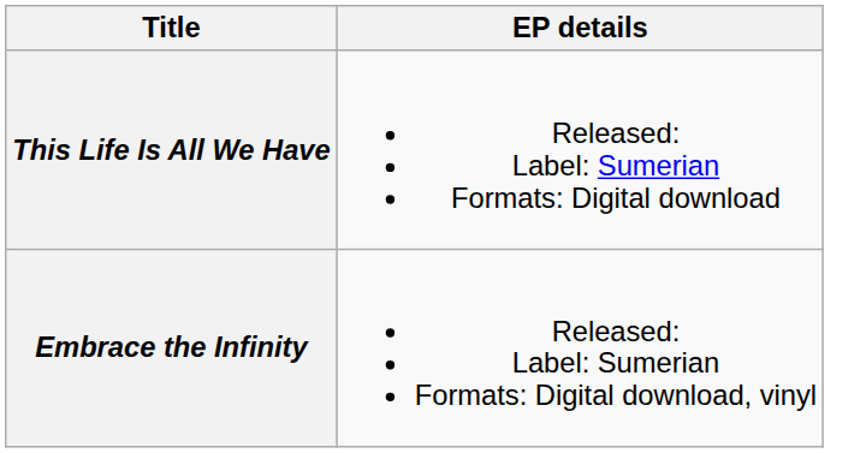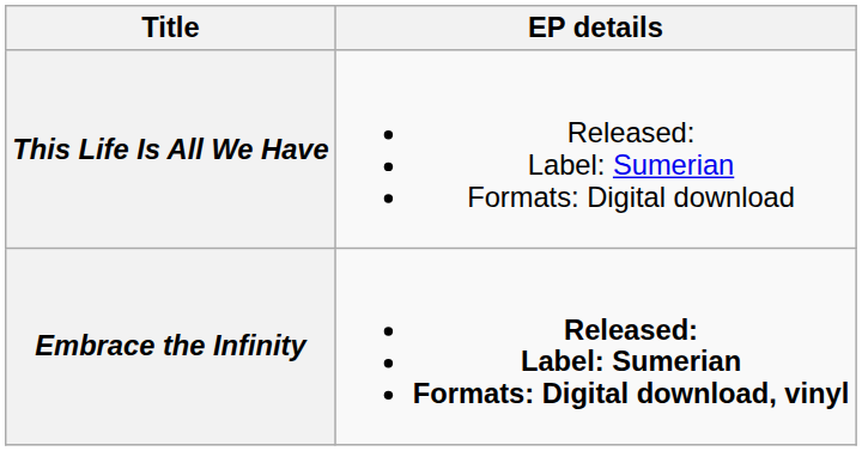 <table class="wikitable plainrowheaders"  style="text-align:center;">
 <tr>
 <th>Title</th>
 <th>EP details</th>
 </tr>
 <tr>
 <th scope="row"><strong><em>This Life Is All We Have</em></strong></th>
 <td><br><ul><li>Released: </li><li>Label: <a href='#'>Sumerian</a></li><li>Formats: Digital download</li></ul></td>
 </tr>
 <tr>
 <th scope="row"><strong><em>Embrace the Infinity</em></strong></th>
-<td><br><ul><li>Released: </li><li>Label: Sumerian</li><li>Formats: Digital download, vinyl</li></ul></td>
+<td><strong><br><ul><li>Released: </li><li>Label: Sumerian</li><li>Formats: Digital download, vinyl</li></ul></strong></td>
 </tr>
 </table>
